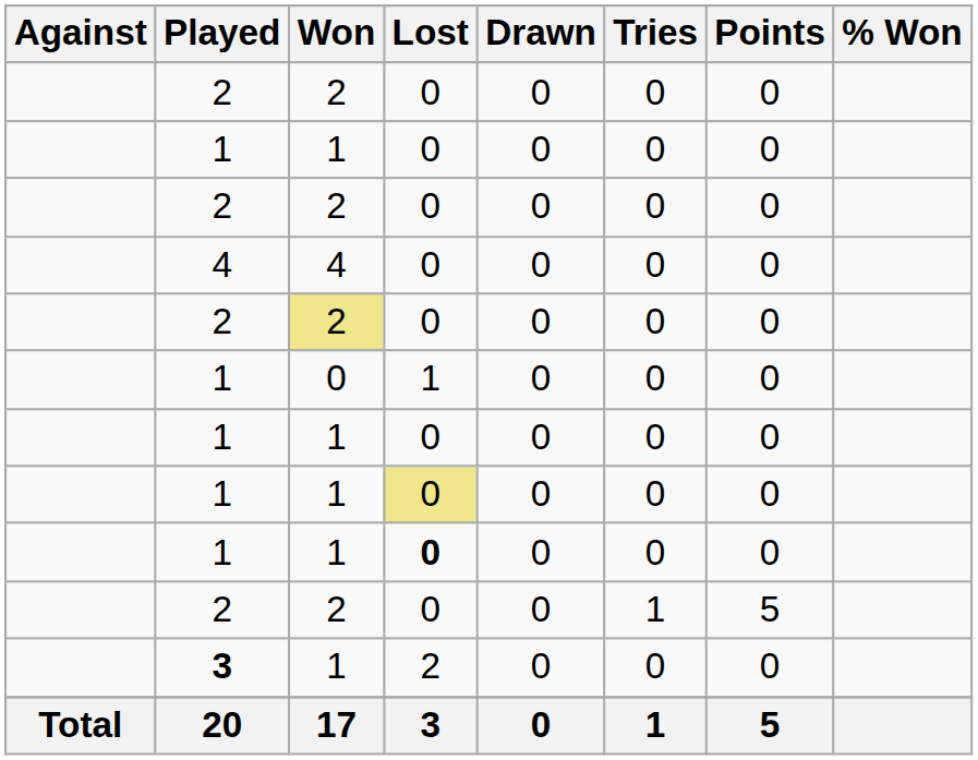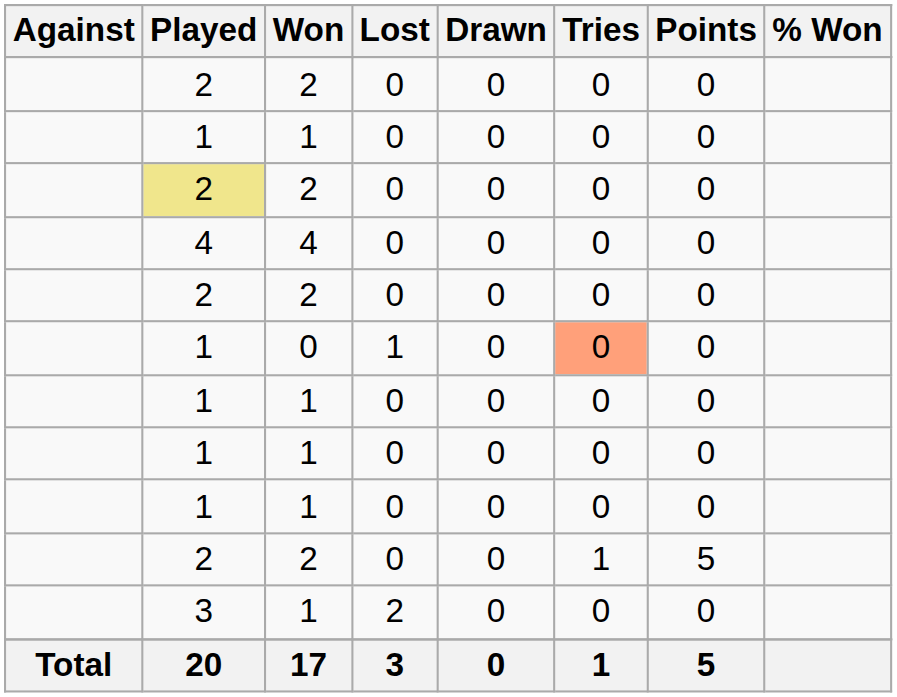 <table class="sortable wikitable" style="text-align: center;">
 <tr>
 </tr>
 <tr>
 <th>Against</th>
 <th>Played</th>
 <th>Won</th>
 <th>Lost</th>
 <th>Drawn</th>
 <th>Tries</th>
 <th>Points</th>
 <th>% Won</th>
 </tr>
 <tr bgcolor="#d0ffd0" align="center">
 </tr>
 <tr>
 <td align="left"></td>
 <td>2</td>
 <td>2</td>
 <td>0</td>
 <td>0</td>
 <td>0</td>
 <td>0</td>
 <td></td>
 </tr>
 <tr>
 <td align="left"></td>
 <td>1</td>
 <td>1</td>
 <td>0</td>
 <td>0</td>
 <td>0</td>
 <td>0</td>
 <td></td>
 </tr>
 <tr>
 <td align="left"></td>
-<td>2</td>
+<td style="background: khaki;">2</td>
 <td>2</td>
 <td>0</td>
 <td>0</td>
 <td>0</td>
 <td>0</td>
 <td></td>
 </tr>
 <tr>
 <td align="left"></td>
 <td>4</td>
 <td>4</td>
 <td>0</td>
 <td>0</td>
 <td>0</td>
 <td>0</td>
 <td></td>
 </tr>
 <tr>
 <td align="left"></td>
 <td>2</td>
-<td style="background: khaki;">2</td>
+<td>2</td>
 <td>0</td>
 <td>0</td>
 <td>0</td>
 <td>0</td>
 <td></td>
 </tr>
 <tr>
 <td align="left"></td>
 <td>1</td>
 <td>0</td>
 <td>1</td>
+<td>0</td>
+<td style="background: lightsalmon;">0</td>
+<td>0</td>
+<td></td>
+</tr>
+<tr>
+<td align="left"></td>
+<td>1</td>
+<td>1</td>
+<td>0</td>
 <td>0</td>
 <td>0</td>
 <td>0</td>
 <td></td>
 </tr>
 <tr>
 <td align="left"></td>
 <td>1</td>
 <td>1</td>
 <td>0</td>
 <td>0</td>
 <td>0</td>
 <td>0</td>
 <td></td>
 </tr>
 <tr>
 <td align="left"></td>
 <td>1</td>
 <td>1</td>
-<td style="background: khaki;">0</td>
 <td>0</td>
-<td>0</td>
-<td>0</td>
-<td></td>
-</tr>
-<tr>
-<td align="left"></td>
-<td>1</td>
-<td>1</td>
-<td><strong>0</strong></td>
 <td>0</td>
 <td>0</td>
 <td>0</td>
 <td></td>
 </tr>
 <tr>
 <td align="left"></td>
 <td>2</td>
 <td>2</td>
 <td>0</td>
 <td>0</td>
 <td>1</td>
 <td>5</td>
 <td></td>
 </tr>
 <tr>
 <td align="left"></td>
-<td><strong>3</strong></td>
+<td>3</td>
 <td>1</td>
 <td>2</td>
 <td>0</td>
 <td>0</td>
 <td>0</td>
 <td></td>
 </tr>
 <tr>
 </tr>
 <tr class="sortbottom">
 <th>Total</th>
 <th>20</th>
 <th>17</th>
 <th>3</th>
 <th>0</th>
 <th>1</th>
 <th>5</th>
 <th></th>
 </tr>
 </table>
